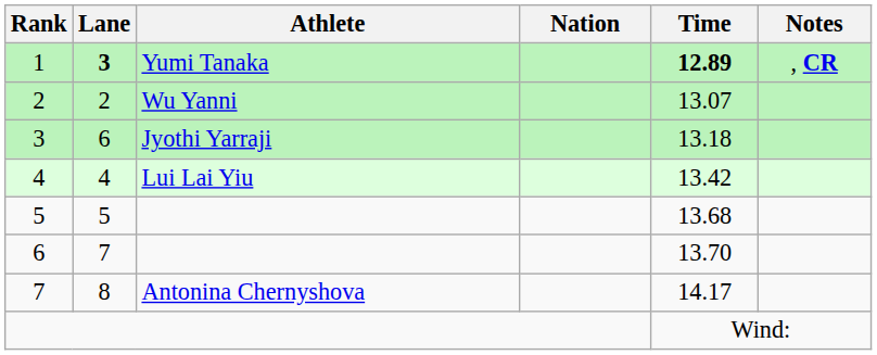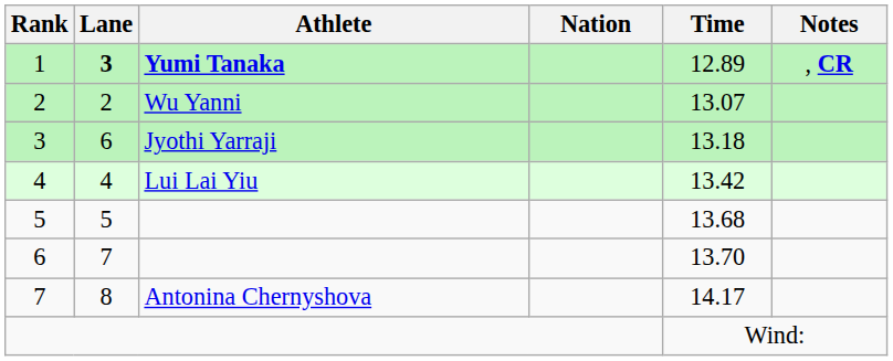 <table class="wikitable sortable" style="text-align:center;width: 65%;">
 <tr>
 <th scope="col" style="width: 10px;">Rank</th>
 <th scope="col" style="width: 10px;">Lane</th>
 <th scope="col">Athlete</th>
 <th scope="col">Nation</th>
 <th scope="col">Time</th>
 <th scope="col">Notes</th>
 </tr>
 <tr bgcolor=bbf3bb>
 <td>1</td>
 <td><strong>3</strong></td>
-<td align="left"><a href='#'>Yumi Tanaka</a></td>
+<td align="left"><strong><a href='#'>Yumi Tanaka</a></strong></td>
 <td align="left"></td>
-<td><strong>12.89</strong></td>
+<td>12.89</td>
 <td>, <strong><a href='#'>CR</a></strong></td>
 </tr>
 <tr bgcolor=bbf3bb>
 <td>2</td>
 <td>2</td>
 <td align="left"><a href='#'>Wu Yanni</a></td>
 <td align="left"></td>
 <td>13.07</td>
 <td></td>
 </tr>
 <tr bgcolor=bbf3bb>
 <td>3</td>
 <td>6</td>
 <td align="left"><a href='#'>Jyothi Yarraji</a></td>
 <td align="left"></td>
 <td>13.18</td>
 <td></td>
 </tr>
 <tr bgcolor=ddffdd>
 <td>4</td>
 <td>4</td>
 <td align="left"><a href='#'>Lui Lai Yiu</a></td>
 <td align="left"></td>
 <td>13.42</td>
 <td></td>
 </tr>
 <tr>
 <td>5</td>
 <td>5</td>
 <td align="left"></td>
 <td align="left"></td>
 <td>13.68</td>
 <td></td>
 </tr>
 <tr>
 <td>6</td>
 <td>7</td>
 <td align="left"></td>
 <td align="left"></td>
 <td>13.70</td>
 <td></td>
 </tr>
 <tr>
 <td>7</td>
 <td>8</td>
 <td align="left"><a href='#'>Antonina Chernyshova</a></td>
 <td align="left"></td>
 <td>14.17</td>
 <td></td>
 </tr>
 <tr class="sortbottom">
 <td colspan="4"></td>
 <td colspan="2">Wind: </td>
 </tr>
 </table>
